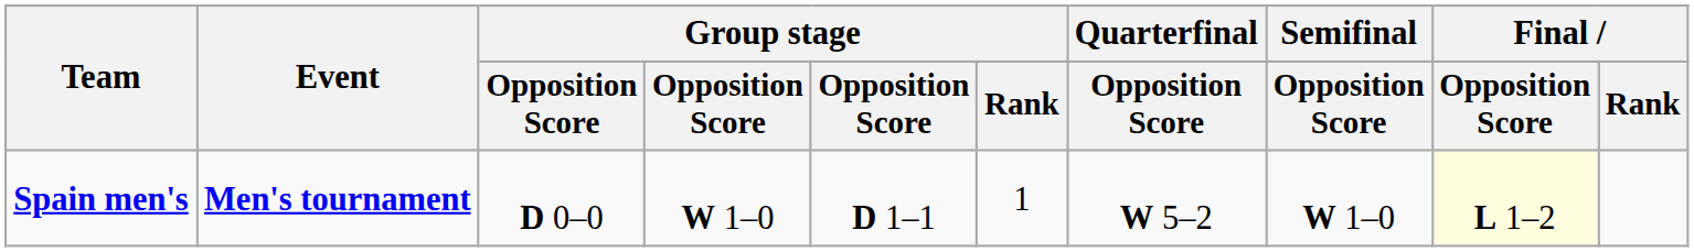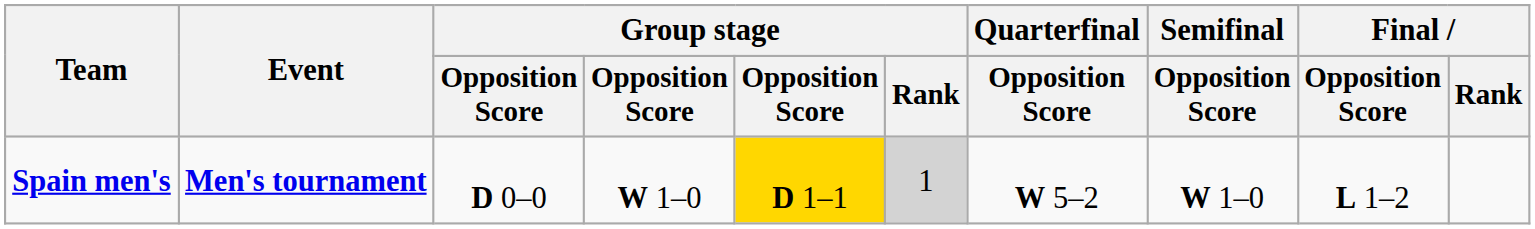 <table class="wikitable" style="font-size:90%">
 <tr>
 <th rowspan=2>Team</th>
 <th rowspan=2>Event</th>
 <th colspan=4>Group stage</th>
 <th>Quarterfinal</th>
 <th>Semifinal</th>
 <th colspan=2>Final / </th>
 </tr>
 <tr style="font-size:95%">
 <th>Opposition<br>Score</th>
 <th>Opposition<br>Score</th>
 <th>Opposition<br>Score</th>
 <th>Rank</th>
 <th>Opposition<br>Score</th>
 <th>Opposition<br>Score</th>
 <th>Opposition<br>Score</th>
 <th>Rank</th>
 </tr>
 <tr align=center>
 <td align=left><strong><a href='#'>Spain men's</a></strong></td>
 <td align=left><strong><a href='#'>Men's tournament</a></strong></td>
 <td><br><strong>D</strong> 0–0</td>
 <td><br><strong>W</strong> 1–0</td>
-<td><br><strong>D</strong> 1–1</td>
-<td>1</td>
+<td style="background: gold;"><br><strong>D</strong> 1–1</td>
+<td style="background: lightgrey;">1</td>
 <td><br><strong>W</strong> 5–2</td>
 <td><br><strong>W</strong> 1–0</td>
-<td style="background: lightyellow;"><br><strong>L</strong> 1–2</td>
+<td><br><strong>L</strong> 1–2</td>
 <td></td>
 </tr>
 </table>
